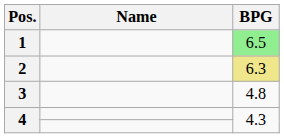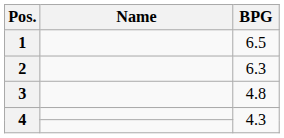 <table class=wikitable style="text-align:center;">
 <tr>
 <th width="13%">Pos.</th>
 <th width="70%">Name</th>
 <th width="17%">BPG</th>
 </tr>
 <tr>
 <th>1</th>
 <td align=left></td>
-<td style="background: lightgreen;">6.5</td>
+<td>6.5</td>
 </tr>
 <tr>
 <th>2</th>
 <td align=left></td>
-<td style="background: khaki;">6.3</td>
+<td>6.3</td>
 </tr>
 <tr>
 <th>3</th>
 <td align=left></td>
 <td>4.8</td>
 </tr>
 <tr>
 <th rowspan=2>4</th>
 <td align=left></td>
 <td rowspan=2>4.3</td>
 </tr>
 <tr>
 <td align=left></td>
 </tr>
 </table>
